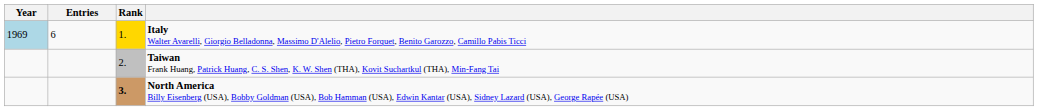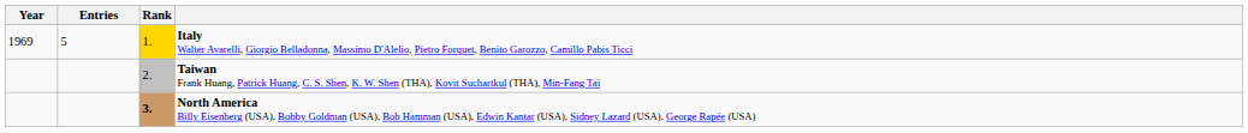 <table class="wikitable" style="width:100%;">
 <tr>
 <th>Year</th>
 <th>Entries</th>
 <th>Rank</th>
 <th></th>
 </tr>
 <tr>
-<td width=60 style="background: lightblue;">1969</td>
-<td>6</td>
+<td width=60>1969</td>
+<td>5</td>
 <td style="background:gold; width:30px;">1.</td>
 <td> <strong>Italy</strong><br><small><a href='#'>Walter Avarelli</a>, <a href='#'>Giorgio Belladonna</a>, <a href='#'>Massimo D'Alelio</a>, <a href='#'>Pietro Forquet</a>, <a href='#'>Benito Garozzo</a>, <a href='#'>Camillo Pabis Ticci</a></small></td>
 </tr>
 <tr>
 <td></td>
 <td></td>
 <td style="background:silver;">2.</td>
 <td> <strong>Taiwan</strong><br><small>Frank Huang, <a href='#'>Patrick Huang</a>, <a href='#'>C. S. Shen</a>, <a href='#'>K. W. Shen</a> (THA), <a href='#'>Kovit Suchartkul</a> (THA), <a href='#'>Min-Fang Tai</a></small></td>
 </tr>
 <tr>
 <td></td>
 <td></td>
 <td style="background:#c96;"><strong>3.</strong></td>
 <td> <strong>North America</strong><br><small><a href='#'>Billy Eisenberg</a> (USA), <a href='#'>Bobby Goldman</a> (USA), <a href='#'>Bob Hamman</a> (USA), <a href='#'>Edwin Kantar</a> (USA), <a href='#'>Sidney Lazard</a> (USA), <a href='#'>George Rapée</a> (USA)</small></td>
 </tr>
 </table>
